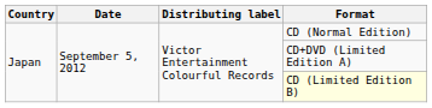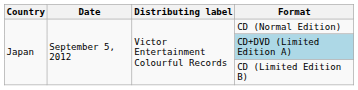 <table class="wikitable" style="width:500px">
 <tr>
 <th>Country</th>
 <th>Date</th>
 <th>Distributing label</th>
 <th>Format</th>
 </tr>
 <tr>
 <td rowspan=3>Japan</td>
 <td rowspan=3>September 5, 2012</td>
 <td rowspan=3>Victor Entertainment<br>Colourful Records</td>
 <td>CD (Normal Edition)</td>
 </tr>
 <tr>
-<td>CD+DVD (Limited Edition A)</td>
+<td style="background: lightblue;">CD+DVD (Limited Edition A)</td>
 </tr>
 <tr>
-<td style="background: lightyellow;">CD (Limited Edition B)</td>
+<td>CD (Limited Edition B)</td>
 </tr>
 </table>
